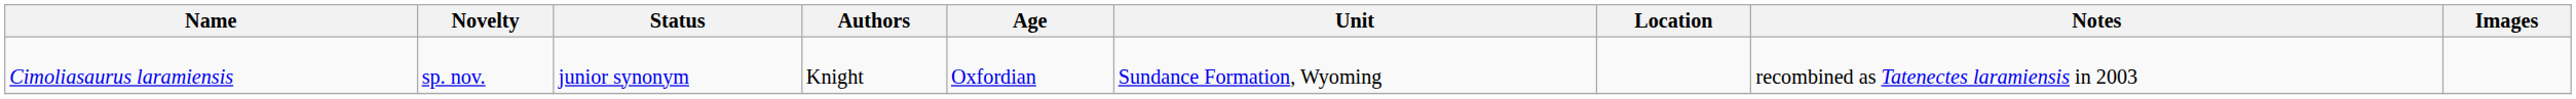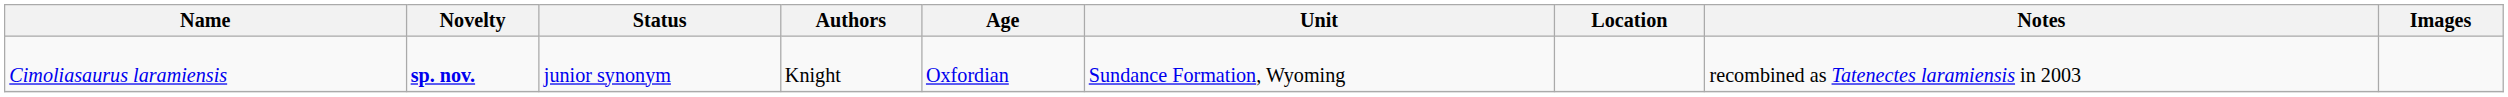 <table class="wikitable sortable" align="center" width="100%">
 <tr>
 <th>Name</th>
 <th>Novelty</th>
 <th>Status</th>
 <th>Authors</th>
 <th>Age</th>
 <th>Unit</th>
 <th>Location</th>
 <th>Notes</th>
 <th>Images</th>
 </tr>
 <tr>
 <td><br><em><a href='#'>Cimoliasaurus laramiensis</a></em></td>
-<td><br><a href='#'>sp. nov.</a></td>
+<td><strong><br><a href='#'>sp. nov.</a></strong></td>
 <td><br><a href='#'>junior synonym</a></td>
 <td><br>Knight</td>
 <td><br><a href='#'>Oxfordian</a></td>
 <td><br><a href='#'>Sundance Formation</a>, Wyoming</td>
 <td><br></td>
 <td><br>recombined as <em><a href='#'>Tatenectes laramiensis</a></em> in 2003</td>
 <td></td>
 </tr>
 <tr>
 </tr>
 </table>
